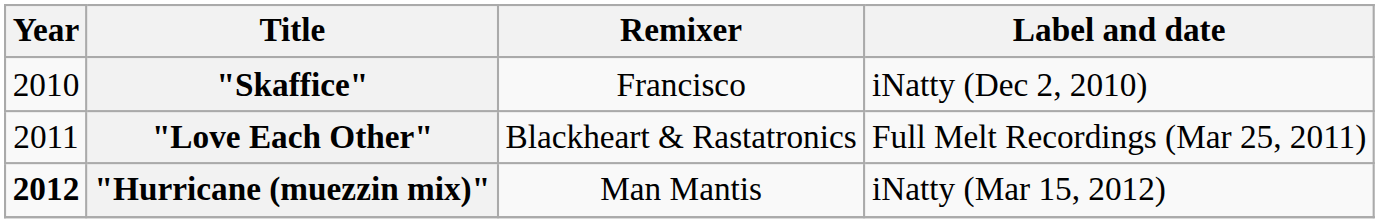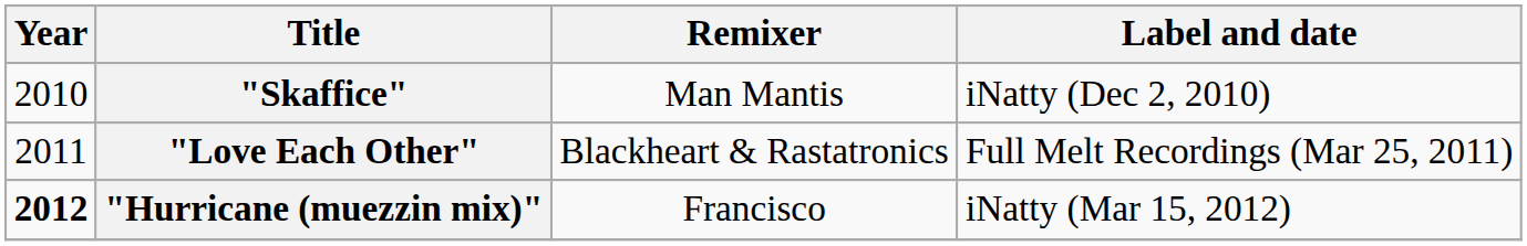 <table class="wikitable plainrowheaders" style="text-align:center;">
 <tr>
 <th scope="col" rowspan="1">Year</th>
 <th scope="col" rowspan="1">Title</th>
 <th scope="col" rowspan="1">Remixer</th>
 <th scope="col" rowspan="1">Label and date</th>
 </tr>
 <tr>
 <td rowspan="1">2010</td>
 <th scope="row">"Skaffice"</th>
-<td>Francisco</td>
+<td>Man Mantis</td>
 <td align=left>iNatty (Dec 2, 2010)</td>
 </tr>
 <tr>
 <td rowspan="1">2011</td>
 <th scope="row">"Love Each Other"</th>
 <td>Blackheart & Rastatronics</td>
 <td align=left>Full Melt Recordings (Mar 25, 2011)</td>
 </tr>
 <tr>
 <td rowspan="1"><strong>2012</strong></td>
 <th scope="row">"Hurricane (muezzin mix)"</th>
-<td>Man Mantis</td>
+<td>Francisco</td>
 <td align=left>iNatty (Mar 15, 2012)</td>
 </tr>
 <tr>
 </tr>
 </table>
